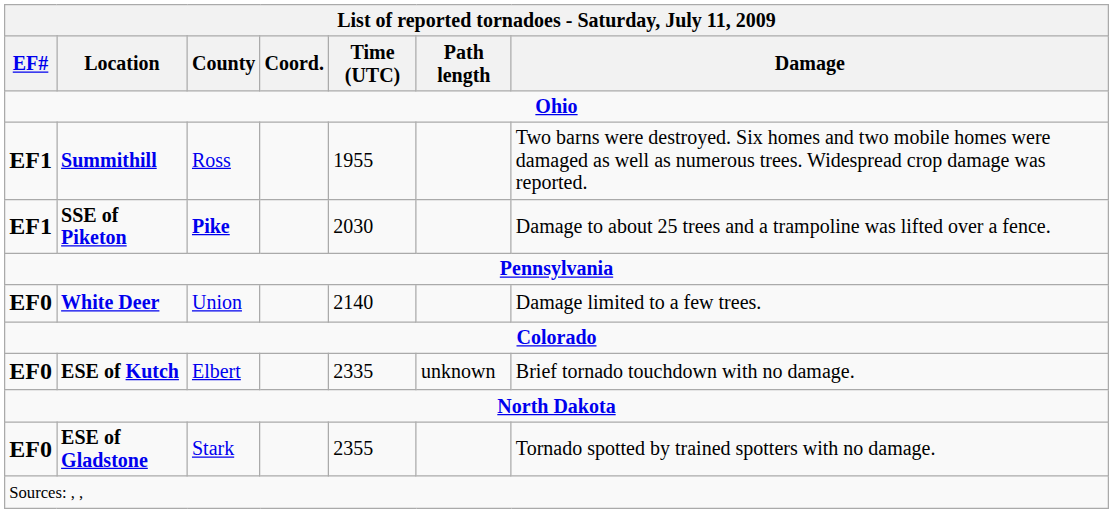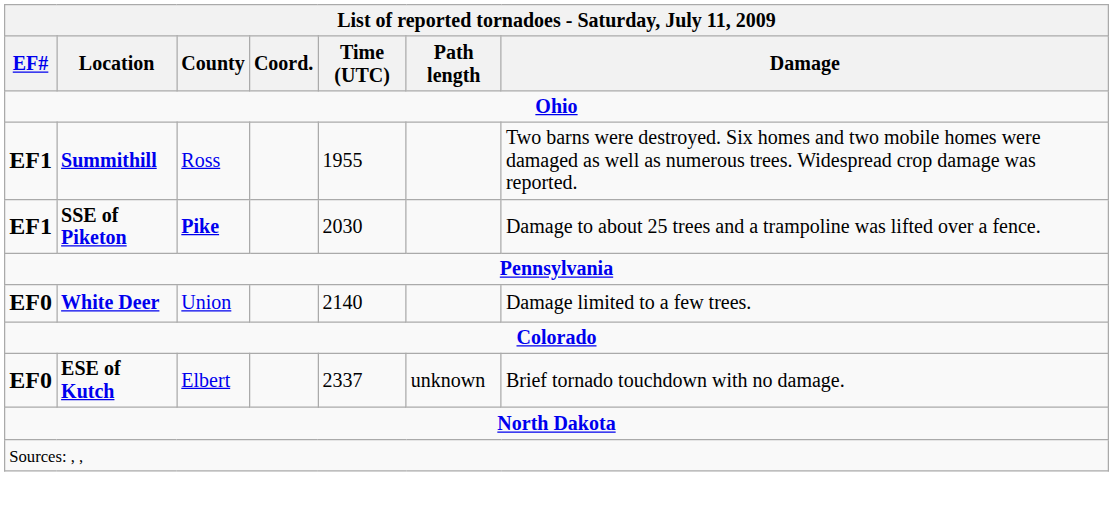 <table class="wikitable collapsible" style="width:100%;">
 <tr>
 <th colspan="7">List of reported tornadoes - Saturday, July 11, 2009</th>
 </tr>
 <tr>
 <th><a href='#'>EF#</a></th>
 <th>Location</th>
 <th>County</th>
 <th>Coord.</th>
 <th>Time (UTC)</th>
 <th>Path length</th>
 <th>Damage</th>
 </tr>
 <tr>
 <td colspan="7" style="text-align:center;"><strong><a href='#'>Ohio</a></strong></td>
 </tr>
 <tr>
 <td><big><strong>EF1</strong></big></td>
 <td><strong><a href='#'>Summithill</a></strong></td>
 <td><a href='#'>Ross</a></td>
 <td></td>
 <td>1955</td>
 <td></td>
 <td>Two barns were destroyed. Six homes and two mobile homes were damaged as well as numerous trees. Widespread crop damage was reported.</td>
 </tr>
 <tr>
 <td><big><strong>EF1</strong></big></td>
 <td><strong>SSE of <a href='#'>Piketon</a></strong></td>
 <td><strong><a href='#'>Pike</a></strong></td>
 <td></td>
 <td>2030</td>
 <td></td>
 <td>Damage to about 25 trees and a trampoline was lifted over a fence.</td>
 </tr>
 <tr>
 <td colspan="7" style="text-align:center;"><strong><a href='#'>Pennsylvania</a></strong></td>
 </tr>
 <tr>
 <td><big><strong>EF0</strong></big></td>
 <td><strong><a href='#'>White Deer</a></strong></td>
 <td><a href='#'>Union</a></td>
 <td></td>
 <td>2140</td>
 <td></td>
 <td>Damage limited to a few trees.</td>
 </tr>
 <tr>
 <td colspan="7" style="text-align:center;"><strong><a href='#'>Colorado</a></strong></td>
 </tr>
 <tr>
 <td><big><strong>EF0</strong></big></td>
 <td><strong>ESE of <a href='#'>Kutch</a></strong></td>
 <td><a href='#'>Elbert</a></td>
 <td></td>
-<td>2335</td>
+<td>2337</td>
 <td>unknown</td>
 <td>Brief tornado touchdown with no damage.</td>
 </tr>
 <tr>
 <td colspan="7" style="text-align:center;"><strong><a href='#'>North Dakota</a></strong></td>
 </tr>
 <tr>
-<td><big><strong>EF0</strong></big></td>
-<td><strong>ESE of <a href='#'>Gladstone</a></strong></td>
-<td><a href='#'>Stark</a></td>
-<td></td>
-<td>2355</td>
-<td></td>
-<td>Tornado spotted by trained spotters with no damage.</td>
-</tr>
-<tr>
 <td colspan="7"><small>Sources: , , </small></td>
 </tr>
 </table>
